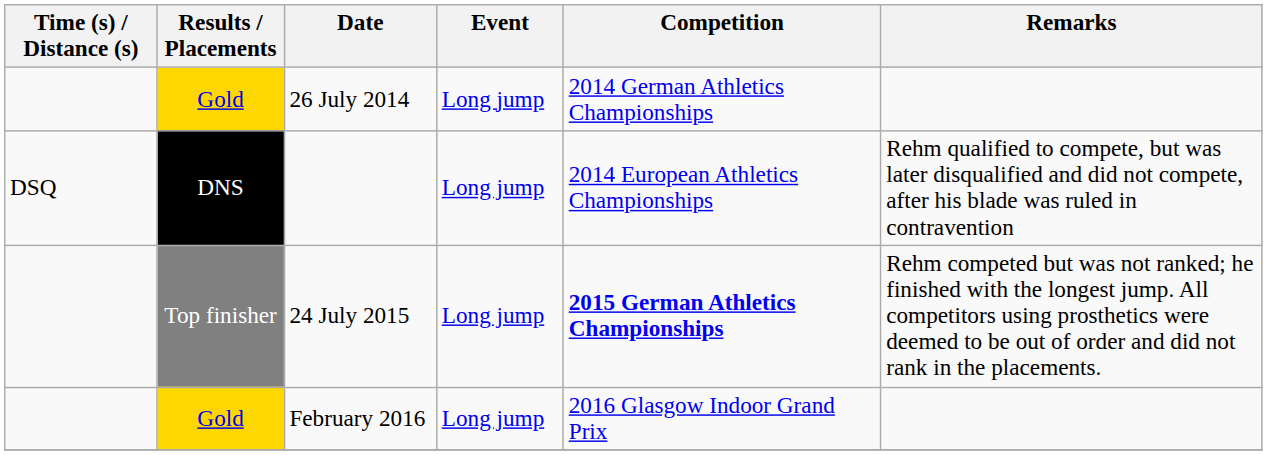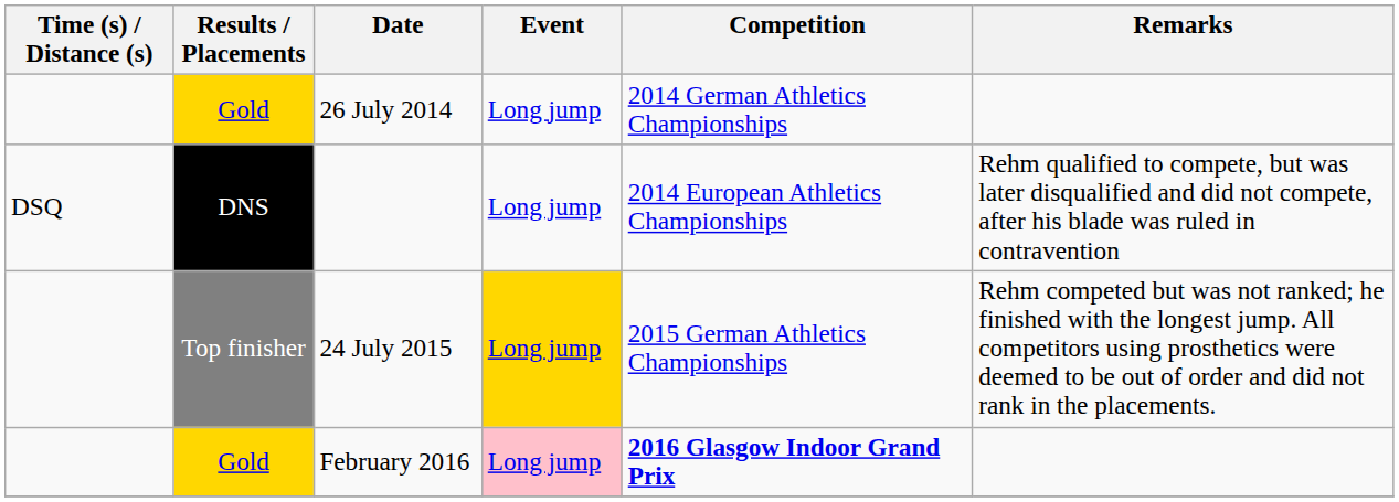 <table class="wikitable">
 <tr valign=top>
 <th style="width:12%;">Time (s) / Distance (s)</th>
 <th style="width:10%;">Results / Placements</th>
 <th style="width:12%;">Date</th>
 <th style="width:10%;">Event</th>
 <th style="width:25%;">Competition</th>
 <th style="width:30%;">Remarks</th>
 </tr>
 <tr>
 <td></td>
 <td style="text-align:center; background:gold;"><a href='#'>Gold</a></td>
 <td>26 July 2014</td>
 <td><a href='#'>Long jump</a></td>
 <td><a href='#'>2014 German Athletics Championships</a></td>
 <td></td>
 </tr>
 <tr>
 <td>DSQ</td>
 <td style="text-align:center; background:black; color:white;">DNS</td>
 <td></td>
 <td><a href='#'>Long jump</a></td>
 <td><a href='#'>2014 European Athletics Championships</a></td>
 <td>Rehm qualified to compete, but was later disqualified and did not compete, after his blade was ruled in contravention</td>
 </tr>
 <tr>
 <td></td>
 <td style="text-align:center; background:gray; color:white;">Top finisher</td>
 <td>24 July 2015</td>
-<td><a href='#'>Long jump</a></td>
-<td><strong><a href='#'>2015 German Athletics Championships</a></strong></td>
+<td style="background: gold;"><a href='#'>Long jump</a></td>
+<td><a href='#'>2015 German Athletics Championships</a></td>
 <td>Rehm competed but was not ranked; he finished with the longest jump. All competitors using prosthetics were deemed to be out of order and did not rank in the placements.</td>
 </tr>
 <tr>
 <td></td>
 <td style="text-align:center; background:gold;"><a href='#'>Gold</a></td>
 <td>February 2016</td>
-<td><a href='#'>Long jump</a></td>
-<td><a href='#'>2016 Glasgow Indoor Grand Prix</a></td>
+<td style="background: pink;"><a href='#'>Long jump</a></td>
+<td><strong><a href='#'>2016 Glasgow Indoor Grand Prix</a></strong></td>
 <td></td>
 </tr>
 <tr>
 </tr>
 </table>
